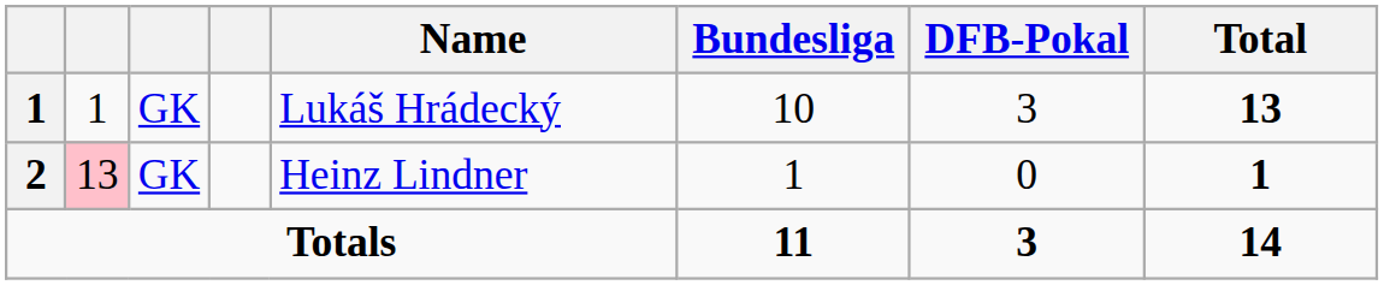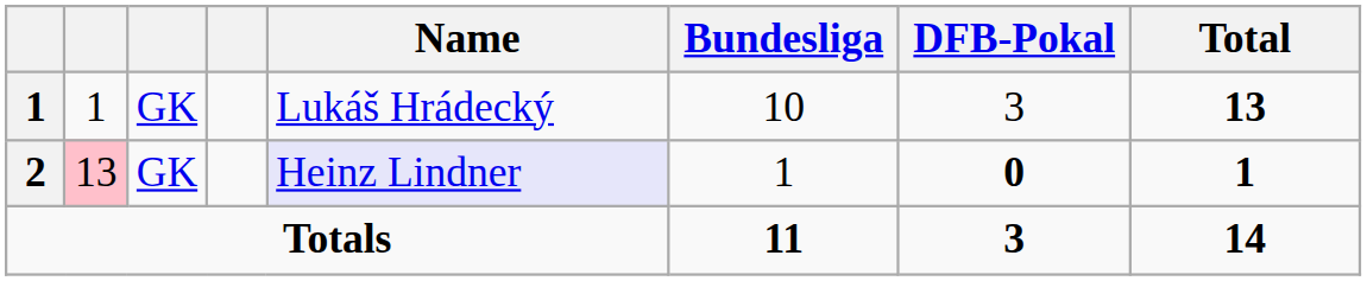 <table class="wikitable" style="text-align:center">
 <tr>
 <th width=15></th>
 <th width=15></th>
 <th width=15></th>
 <th width=15></th>
 <th width=145>Name</th>
 <th width=80><strong><a href='#'>Bundesliga</a></strong></th>
 <th width=80><strong><a href='#'>DFB-Pokal</a></strong></th>
 <th width=80>Total</th>
 </tr>
 <tr>
 <th>1</th>
 <td>1</td>
 <td><a href='#'>GK</a></td>
 <td></td>
 <td align=left><a href='#'>Lukáš Hrádecký</a></td>
 <td>10</td>
 <td>3</td>
 <td><strong>13</strong></td>
 </tr>
 <tr>
 <th>2</th>
 <td style="background: pink;">13</td>
 <td><a href='#'>GK</a></td>
 <td></td>
-<td align=left><a href='#'>Heinz Lindner</a></td>
+<td align=left style="background: lavender;"><a href='#'>Heinz Lindner</a></td>
 <td>1</td>
-<td>0</td>
+<td><strong>0</strong></td>
 <td><strong>1</strong></td>
 </tr>
 <tr>
 <td colspan=5><strong>Totals</strong></td>
 <td><strong>11</strong></td>
 <td><strong>3</strong></td>
 <td><strong>14</strong></td>
 </tr>
 </table>
